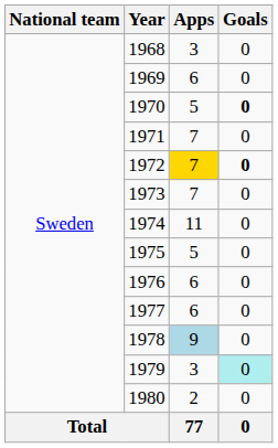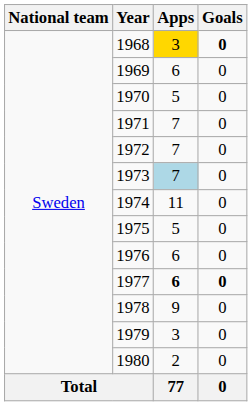 <table class="wikitable" style="text-align:center">
 <tr>
 <th>National team</th>
 <th>Year</th>
 <th>Apps</th>
 <th>Goals</th>
 </tr>
 <tr>
 <td rowspan="13"><a href='#'>Sweden</a></td>
 <td>1968</td>
-<td>3</td>
-<td>0</td>
+<td style="background: gold;">3</td>
+<td><strong>0</strong></td>
 </tr>
 <tr>
 <td>1969</td>
 <td>6</td>
 <td>0</td>
 </tr>
 <tr>
 <td>1970</td>
 <td>5</td>
-<td><strong>0</strong></td>
+<td>0</td>
 </tr>
 <tr>
 <td>1971</td>
 <td>7</td>
 <td>0</td>
 </tr>
 <tr>
 <td>1972</td>
-<td style="background: gold;">7</td>
-<td><strong>0</strong></td>
+<td>7</td>
+<td>0</td>
 </tr>
 <tr>
 <td>1973</td>
-<td>7</td>
+<td style="background: lightblue;">7</td>
 <td>0</td>
 </tr>
 <tr>
 <td>1974</td>
 <td>11</td>
 <td>0</td>
 </tr>
 <tr>
 <td>1975</td>
 <td>5</td>
 <td>0</td>
 </tr>
 <tr>
 <td>1976</td>
 <td>6</td>
 <td>0</td>
 </tr>
 <tr>
 <td>1977</td>
-<td>6</td>
-<td>0</td>
+<td><strong>6</strong></td>
+<td><strong>0</strong></td>
 </tr>
 <tr>
 <td>1978</td>
-<td style="background: lightblue;">9</td>
+<td>9</td>
 <td>0</td>
 </tr>
 <tr>
 <td>1979</td>
 <td>3</td>
-<td style="background: paleturquoise;">0</td>
+<td>0</td>
 </tr>
 <tr>
 <td>1980</td>
 <td>2</td>
 <td>0</td>
 </tr>
 <tr>
 <th colspan="2">Total</th>
 <th>77</th>
 <th>0</th>
 </tr>
 </table>
